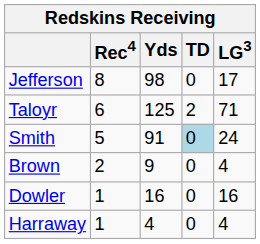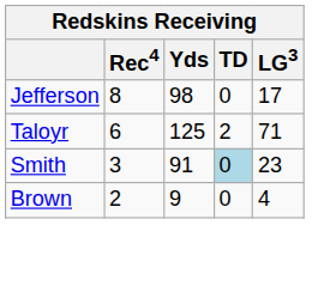 <table class="wikitable">
 <tr>
 <th colspan="5">Redskins Receiving</th>
 </tr>
 <tr>
 <th></th>
 <th>Rec<sup>4</sup></th>
 <th>Yds</th>
 <th>TD</th>
 <th>LG<sup>3</sup></th>
 </tr>
 <tr>
 <td><a href='#'>Jefferson</a></td>
 <td>8</td>
 <td>98</td>
 <td>0</td>
 <td>17</td>
 </tr>
 <tr>
 <td><a href='#'>Taloyr</a></td>
 <td>6</td>
 <td>125</td>
 <td>2</td>
 <td>71</td>
 </tr>
 <tr>
 <td><a href='#'>Smith</a></td>
-<td>5</td>
+<td>3</td>
 <td>91</td>
 <td style="background: lightblue;">0</td>
-<td>24</td>
+<td>23</td>
 </tr>
 <tr>
 <td><a href='#'>Brown</a></td>
 <td>2</td>
 <td>9</td>
 <td>0</td>
 <td>4</td>
 </tr>
-<tr>
-<td><a href='#'>Dowler</a></td>
-<td>1</td>
-<td>16</td>
-<td>0</td>
-<td>16</td>
-</tr>
-<tr>
-<td><a href='#'>Harraway</a></td>
-<td>1</td>
-<td>4</td>
-<td>0</td>
-<td>4</td>
-</tr>
 </table>
